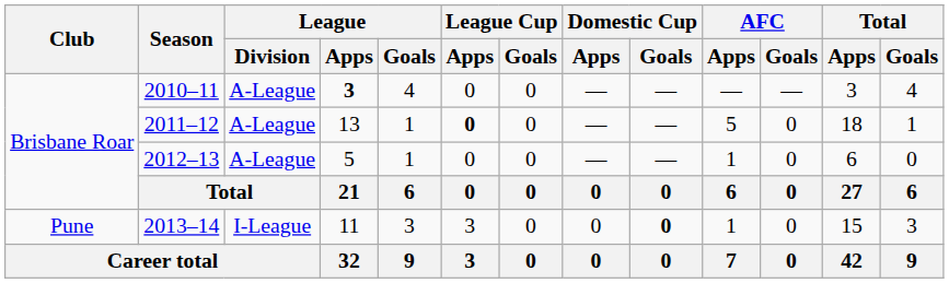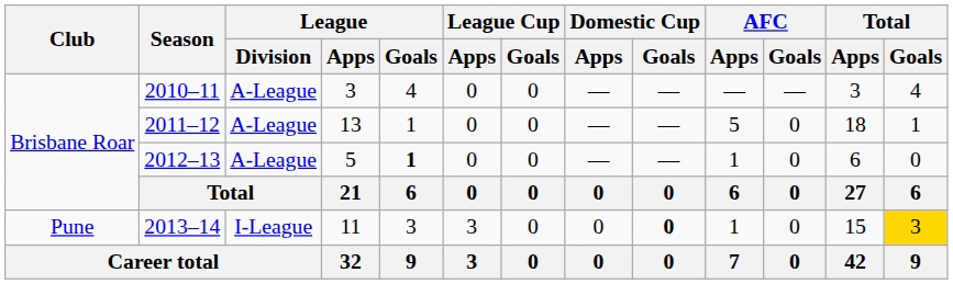 <table class="wikitable" style="text-align: center;">
 <tr>
 <th rowspan="2">Club</th>
 <th rowspan="2">Season</th>
 <th colspan="3">League</th>
 <th colspan="2">League Cup</th>
 <th colspan="2">Domestic Cup</th>
 <th colspan="2"><a href='#'>AFC</a></th>
 <th colspan="2">Total</th>
 </tr>
 <tr>
 <th>Division</th>
 <th>Apps</th>
 <th>Goals</th>
 <th>Apps</th>
 <th>Goals</th>
 <th>Apps</th>
 <th>Goals</th>
 <th>Apps</th>
 <th>Goals</th>
 <th>Apps</th>
 <th>Goals</th>
 </tr>
 <tr>
 <td rowspan="4"><a href='#'>Brisbane Roar</a></td>
 <td><a href='#'>2010–11</a></td>
 <td><a href='#'>A-League</a></td>
-<td><strong>3</strong></td>
+<td>3</td>
 <td>4</td>
 <td>0</td>
 <td>0</td>
 <td>—</td>
 <td>—</td>
 <td>—</td>
 <td>—</td>
 <td>3</td>
 <td>4</td>
 </tr>
 <tr>
 <td><a href='#'>2011–12</a></td>
 <td><a href='#'>A-League</a></td>
 <td>13</td>
 <td>1</td>
-<td><strong>0</strong></td>
+<td>0</td>
 <td>0</td>
 <td>—</td>
 <td>—</td>
 <td>5</td>
 <td>0</td>
 <td>18</td>
 <td>1</td>
 </tr>
 <tr>
 <td><a href='#'>2012–13</a></td>
 <td><a href='#'>A-League</a></td>
 <td>5</td>
-<td>1</td>
+<td><strong>1</strong></td>
 <td>0</td>
 <td>0</td>
 <td>—</td>
 <td>—</td>
 <td>1</td>
 <td>0</td>
 <td>6</td>
 <td>0</td>
 </tr>
 <tr>
 <th colspan="2">Total</th>
 <th>21</th>
 <th>6</th>
 <th>0</th>
 <th>0</th>
 <th>0</th>
 <th>0</th>
 <th>6</th>
 <th>0</th>
 <th>27</th>
 <th>6</th>
 </tr>
 <tr>
 <td rowspan="1"><a href='#'>Pune</a></td>
 <td><a href='#'>2013–14</a></td>
 <td><a href='#'>I-League</a></td>
 <td>11</td>
 <td>3</td>
 <td>3</td>
 <td>0</td>
 <td>0</td>
 <td><strong>0</strong></td>
 <td>1</td>
 <td>0</td>
 <td>15</td>
-<td>3</td>
+<td style="background: gold;">3</td>
 </tr>
 <tr>
 <th colspan="3">Career total</th>
 <th>32</th>
 <th>9</th>
 <th>3</th>
 <th>0</th>
 <th>0</th>
 <th>0</th>
 <th>7</th>
 <th>0</th>
 <th>42</th>
 <th>9</th>
 </tr>
 </table>
